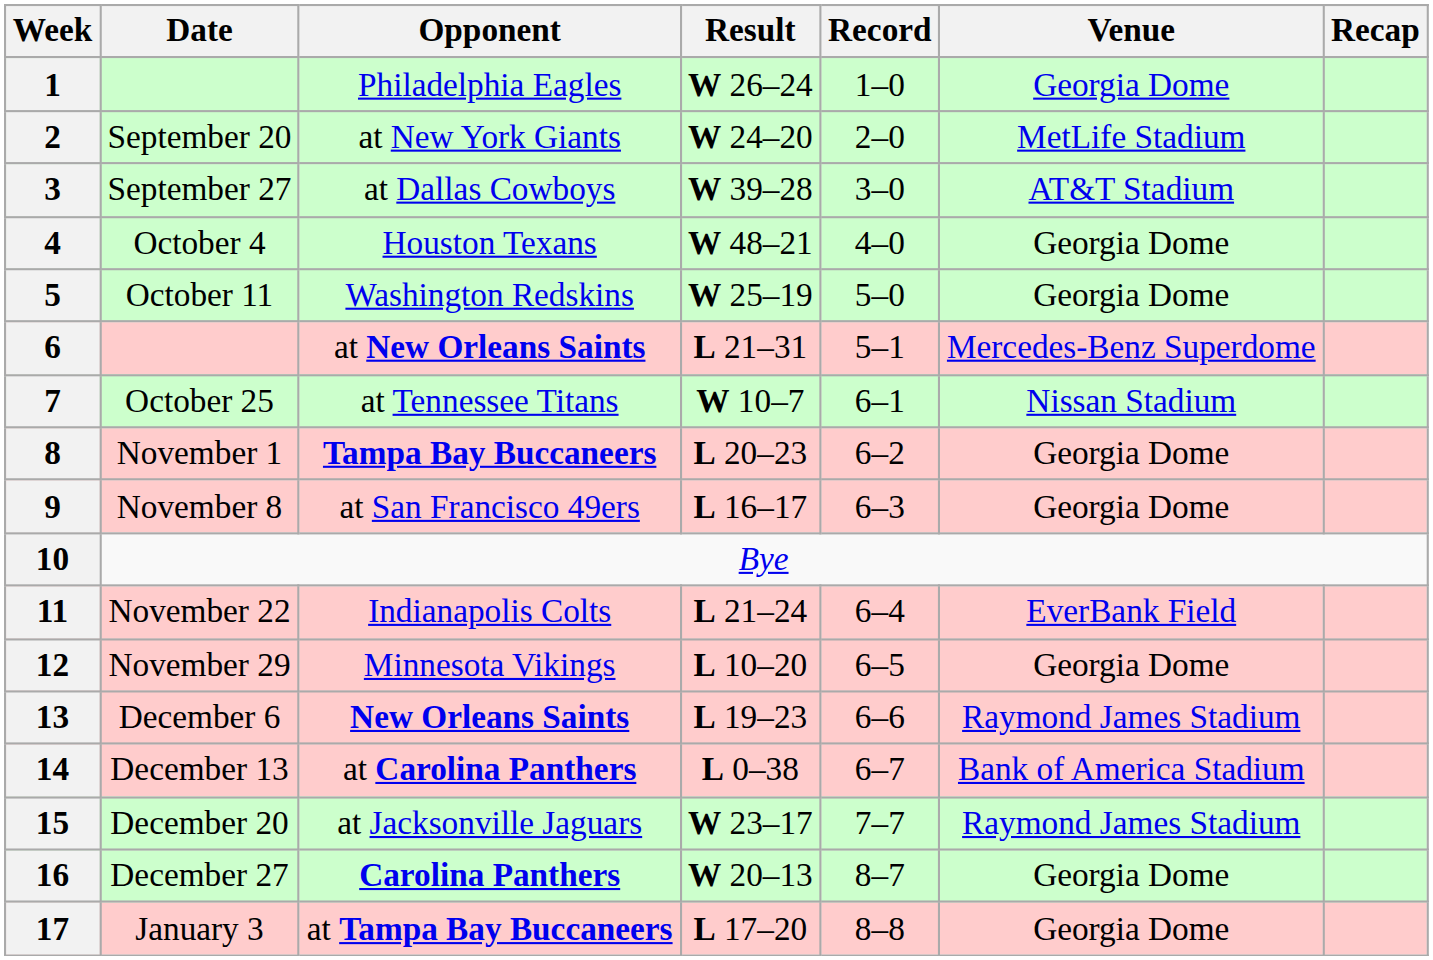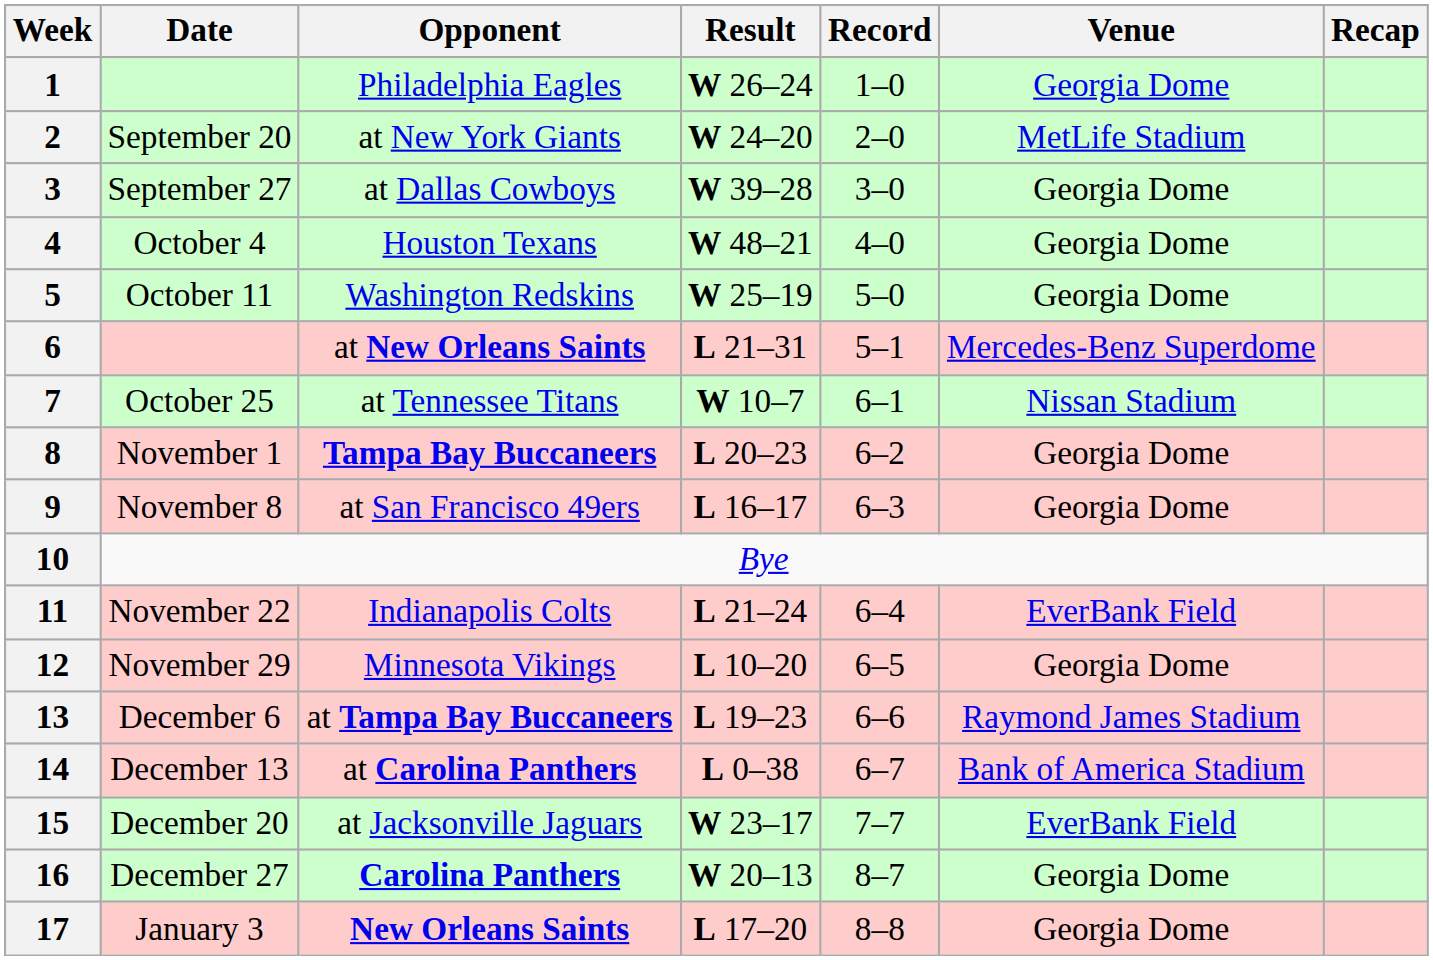 <table class="wikitable" style="text-align:center">
 <tr>
 <th>Week</th>
 <th>Date</th>
 <th>Opponent</th>
 <th>Result</th>
 <th>Record</th>
 <th>Venue</th>
 <th>Recap</th>
 </tr>
 <tr style="background:#cfc">
 <th>1</th>
 <td></td>
 <td><a href='#'>Philadelphia Eagles</a></td>
 <td><strong>W</strong> 26–24</td>
 <td>1–0</td>
 <td><a href='#'>Georgia Dome</a></td>
 <td></td>
 </tr>
 <tr style="background:#cfc">
 <th>2</th>
 <td>September 20</td>
 <td>at <a href='#'>New York Giants</a></td>
 <td><strong>W</strong> 24–20</td>
 <td>2–0</td>
 <td><a href='#'>MetLife Stadium</a></td>
 <td></td>
 </tr>
 <tr style="background:#cfc">
 <th>3</th>
 <td>September 27</td>
 <td>at <a href='#'>Dallas Cowboys</a></td>
 <td><strong>W</strong> 39–28</td>
 <td>3–0</td>
-<td><a href='#'>AT&T Stadium</a></td>
+<td>Georgia Dome</td>
 <td></td>
 </tr>
 <tr style="background:#cfc">
 <th>4</th>
 <td>October 4</td>
 <td><a href='#'>Houston Texans</a></td>
 <td><strong>W</strong> 48–21</td>
 <td>4–0</td>
 <td>Georgia Dome</td>
 <td></td>
 </tr>
 <tr style="background:#cfc">
 <th>5</th>
 <td>October 11</td>
 <td><a href='#'>Washington Redskins</a></td>
 <td><strong>W</strong> 25–19 </td>
 <td>5–0</td>
 <td>Georgia Dome</td>
 <td></td>
 </tr>
 <tr style="background:#fcc">
 <th>6</th>
 <td></td>
 <td>at <strong><a href='#'>New Orleans Saints</a></strong></td>
 <td><strong>L</strong> 21–31</td>
 <td>5–1</td>
 <td><a href='#'>Mercedes-Benz Superdome</a></td>
 <td></td>
 </tr>
 <tr style="background:#cfc">
 <th>7</th>
 <td>October 25</td>
 <td>at <a href='#'>Tennessee Titans</a></td>
 <td><strong>W</strong> 10–7</td>
 <td>6–1</td>
 <td><a href='#'>Nissan Stadium</a></td>
 <td></td>
 </tr>
 <tr style="background:#fcc">
 <th>8</th>
 <td>November 1</td>
 <td><strong><a href='#'>Tampa Bay Buccaneers</a></strong></td>
 <td><strong>L</strong> 20–23 </td>
 <td>6–2</td>
 <td>Georgia Dome</td>
 <td></td>
 </tr>
 <tr style="background:#fcc">
 <th>9</th>
 <td>November 8</td>
 <td>at <a href='#'>San Francisco 49ers</a></td>
 <td><strong>L</strong> 16–17</td>
 <td>6–3</td>
 <td>Georgia Dome</td>
 <td></td>
 </tr>
 <tr>
 <th>10</th>
 <td colspan=8><em><a href='#'>Bye</a></em></td>
 </tr>
 <tr style="background:#fcc">
 <th>11</th>
 <td>November 22</td>
 <td><a href='#'>Indianapolis Colts</a></td>
 <td><strong>L</strong> 21–24</td>
 <td>6–4</td>
 <td><a href='#'>EverBank Field</a></td>
 <td></td>
 </tr>
 <tr style="background:#fcc">
 <th>12</th>
 <td>November 29</td>
 <td><a href='#'>Minnesota Vikings</a></td>
 <td><strong>L</strong> 10–20</td>
 <td>6–5</td>
 <td>Georgia Dome</td>
 <td></td>
 </tr>
 <tr style="background:#fcc">
 <th>13</th>
 <td>December 6</td>
-<td><strong><a href='#'>New Orleans Saints</a></strong></td>
+<td>at <strong><a href='#'>Tampa Bay Buccaneers</a></strong></td>
 <td><strong>L</strong> 19–23</td>
 <td>6–6</td>
 <td><a href='#'>Raymond James Stadium</a></td>
 <td></td>
 </tr>
 <tr style="background:#fcc">
 <th>14</th>
 <td>December 13</td>
 <td>at <strong><a href='#'>Carolina Panthers</a></strong></td>
 <td><strong>L</strong> 0–38</td>
 <td>6–7</td>
 <td><a href='#'>Bank of America Stadium</a></td>
 <td></td>
 </tr>
 <tr style="background:#cfc">
 <th>15</th>
 <td>December 20</td>
 <td>at <a href='#'>Jacksonville Jaguars</a></td>
 <td><strong>W</strong> 23–17</td>
 <td>7–7</td>
-<td><a href='#'>Raymond James Stadium</a></td>
+<td><a href='#'>EverBank Field</a></td>
 <td></td>
 </tr>
 <tr style="background:#cfc">
 <th>16</th>
 <td>December 27</td>
 <td><strong><a href='#'>Carolina Panthers</a></strong></td>
 <td><strong>W</strong> 20–13</td>
 <td>8–7</td>
 <td>Georgia Dome</td>
 <td></td>
 </tr>
 <tr style="background:#fcc">
 <th>17</th>
 <td>January 3</td>
-<td>at <strong><a href='#'>Tampa Bay Buccaneers</a></strong></td>
+<td><strong><a href='#'>New Orleans Saints</a></strong></td>
 <td><strong>L</strong> 17–20</td>
 <td>8–8</td>
 <td>Georgia Dome</td>
 <td></td>
 </tr>
 </table>
